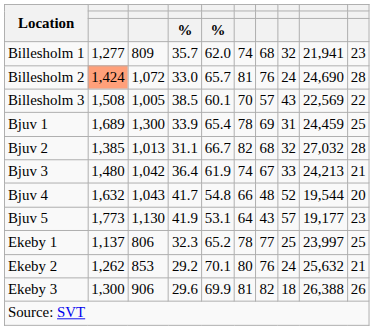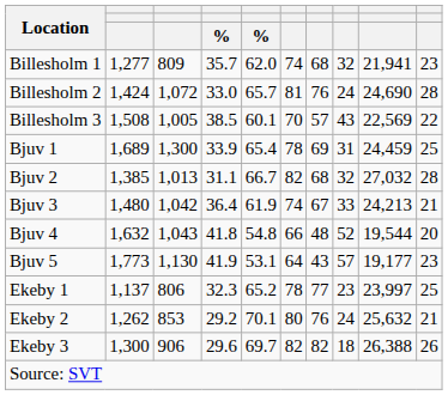 <table role="presentation" class="wikitable sortable mw-collapsible">
 <tr>
 <th rowspan="3">Location</th>
 <th></th>
 <th></th>
 <th></th>
 <th></th>
 <th></th>
 <th></th>
 <th></th>
 <th></th>
 <th></th>
 </tr>
 <tr>
 <th></th>
 <th></th>
 <th style="background:"></th>
 <th style="background:"></th>
 <th></th>
 <th></th>
 <th></th>
 <th></th>
 <th></th>
 </tr>
 <tr>
 <th data-sort-type="number"></th>
 <th data-sort-type="number"></th>
 <th data-sort-type="number">%</th>
 <th data-sort-type="number">%</th>
 <th data-sort-type="number"></th>
 <th data-sort-type="number"></th>
 <th data-sort-type="number"></th>
 <th data-sort-type="number"></th>
 <th data-sort-type="number"></th>
 </tr>
 <tr>
 <td align="left">Billesholm 1</td>
 <td>1,277</td>
 <td>809</td>
 <td>35.7</td>
 <td>62.0</td>
 <td>74</td>
 <td>68</td>
 <td>32</td>
 <td>21,941</td>
 <td>23</td>
 </tr>
 <tr>
 <td align="left">Billesholm 2</td>
-<td style="background: lightsalmon;">1,424</td>
+<td>1,424</td>
 <td>1,072</td>
 <td>33.0</td>
 <td>65.7</td>
 <td>81</td>
 <td>76</td>
 <td>24</td>
 <td>24,690</td>
 <td>28</td>
 </tr>
 <tr>
 <td align="left">Billesholm 3</td>
 <td>1,508</td>
 <td>1,005</td>
 <td>38.5</td>
 <td>60.1</td>
 <td>70</td>
 <td>57</td>
 <td>43</td>
 <td>22,569</td>
 <td>22</td>
 </tr>
 <tr>
 <td align="left">Bjuv 1</td>
 <td>1,689</td>
 <td>1,300</td>
 <td>33.9</td>
 <td>65.4</td>
 <td>78</td>
 <td>69</td>
 <td>31</td>
 <td>24,459</td>
 <td>25</td>
 </tr>
 <tr>
 <td align="left">Bjuv 2</td>
 <td>1,385</td>
 <td>1,013</td>
 <td>31.1</td>
 <td>66.7</td>
 <td>82</td>
 <td>68</td>
 <td>32</td>
 <td>27,032</td>
 <td>28</td>
 </tr>
 <tr>
 <td align="left">Bjuv 3</td>
 <td>1,480</td>
 <td>1,042</td>
 <td>36.4</td>
 <td>61.9</td>
 <td>74</td>
 <td>67</td>
 <td>33</td>
 <td>24,213</td>
 <td>21</td>
 </tr>
 <tr>
 <td align="left">Bjuv 4</td>
 <td>1,632</td>
 <td>1,043</td>
-<td>41.7</td>
+<td>41.8</td>
 <td>54.8</td>
 <td>66</td>
 <td>48</td>
 <td>52</td>
 <td>19,544</td>
 <td>20</td>
 </tr>
 <tr>
 <td align="left">Bjuv 5</td>
 <td>1,773</td>
 <td>1,130</td>
 <td>41.9</td>
 <td>53.1</td>
 <td>64</td>
 <td>43</td>
 <td>57</td>
 <td>19,177</td>
 <td>23</td>
 </tr>
 <tr>
 <td align="left">Ekeby 1</td>
 <td>1,137</td>
 <td>806</td>
 <td>32.3</td>
 <td>65.2</td>
 <td>78</td>
 <td>77</td>
-<td>25</td>
+<td>23</td>
 <td>23,997</td>
 <td>25</td>
 </tr>
 <tr>
 <td align="left">Ekeby 2</td>
 <td>1,262</td>
 <td>853</td>
 <td>29.2</td>
 <td>70.1</td>
 <td>80</td>
 <td>76</td>
 <td>24</td>
 <td>25,632</td>
 <td>21</td>
 </tr>
 <tr>
 <td align="left">Ekeby 3</td>
 <td>1,300</td>
 <td>906</td>
 <td>29.6</td>
-<td>69.9</td>
-<td>81</td>
+<td>69.7</td>
+<td>82</td>
 <td>82</td>
 <td>18</td>
 <td>26,388</td>
 <td>26</td>
 </tr>
 <tr>
 <td colspan="10" align="left">Source: <a href='#'>SVT</a></td>
 </tr>
 </table>
